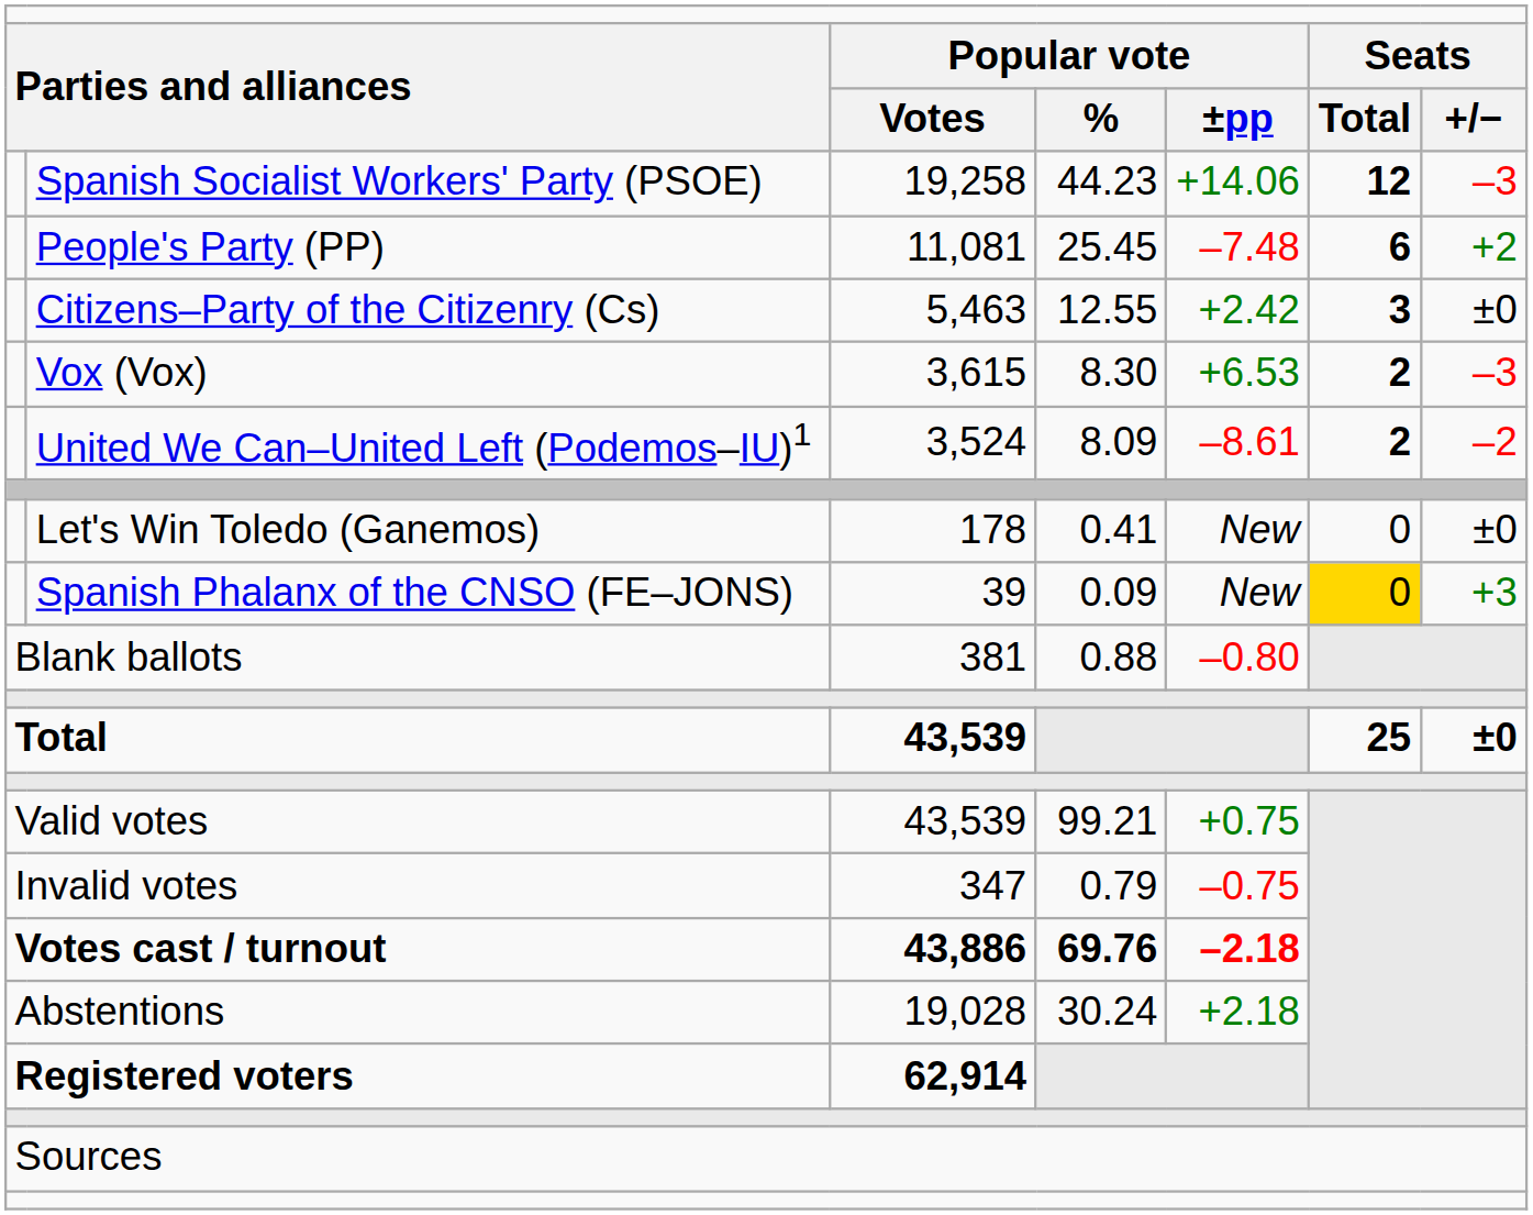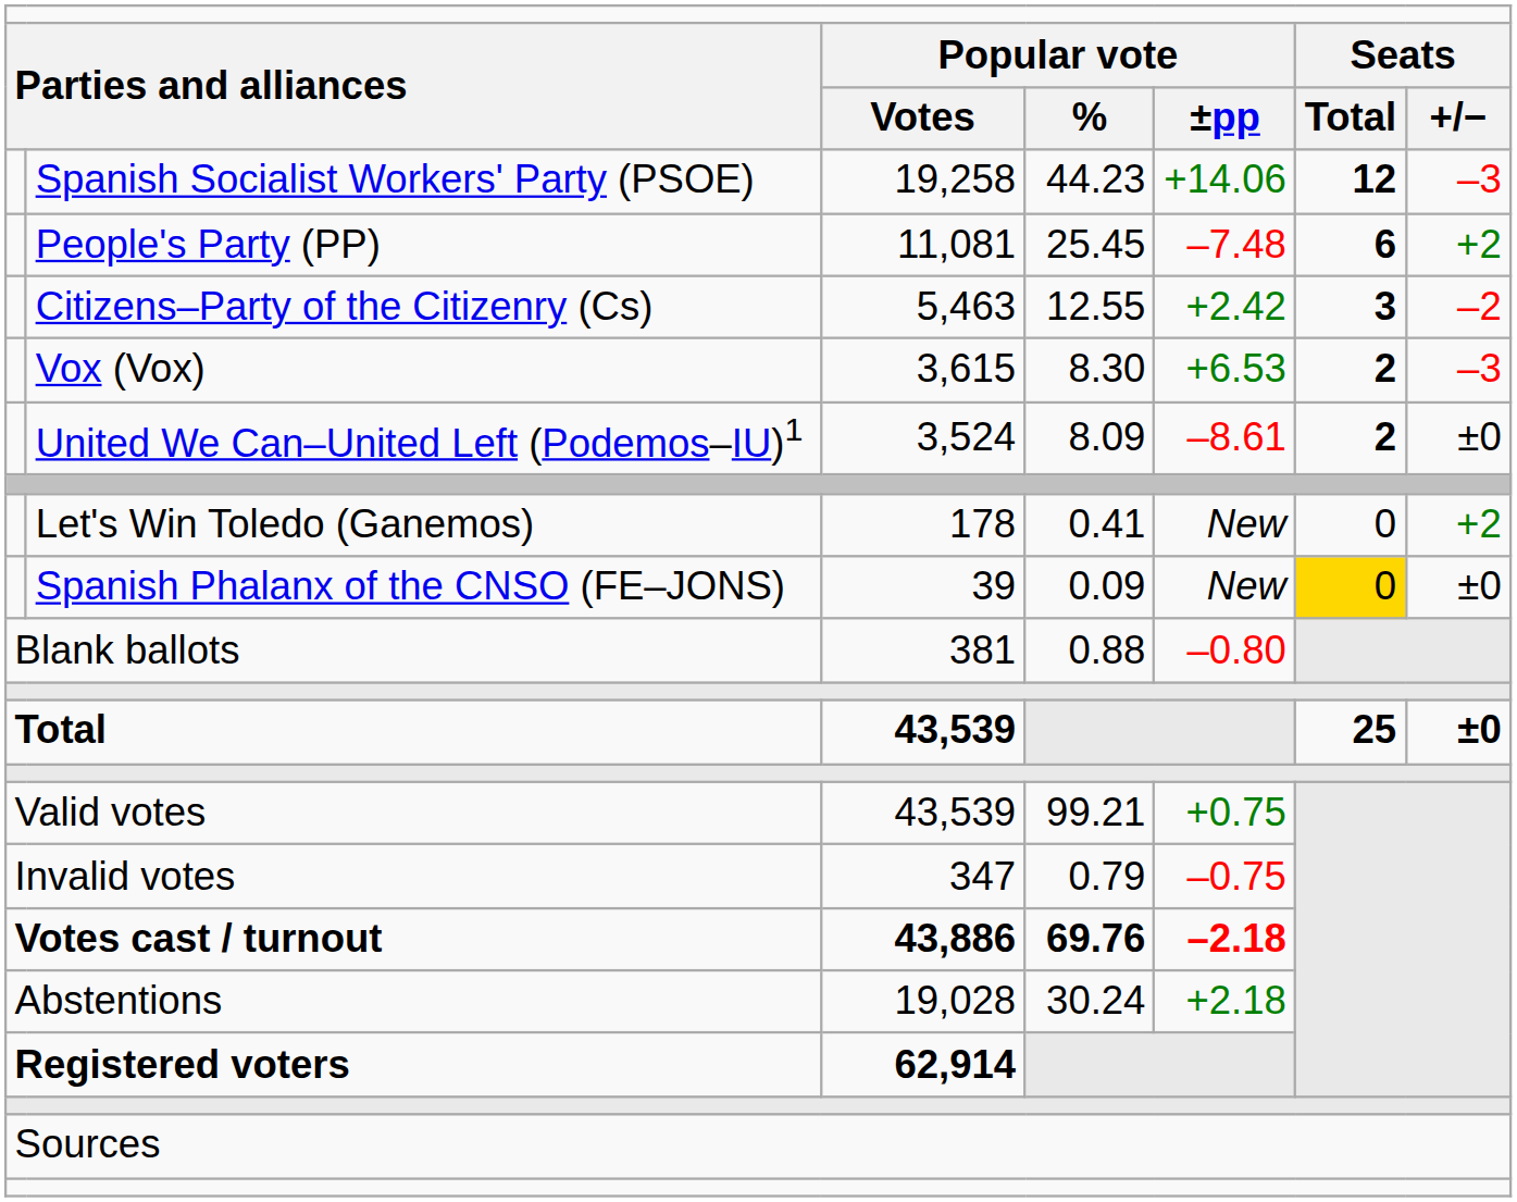 <table class="wikitable" style="text-align:right;">
 <tr>
 <td colspan="7"></td>
 </tr>
 <tr>
 <th style="text-align:left;" rowspan="2" colspan="2" width="525">Parties and alliances</th>
 <th colspan="3">Popular vote</th>
 <th colspan="2">Seats</th>
 </tr>
 <tr>
 <th width="75">Votes</th>
 <th width="45">%</th>
 <th width="45">±<a href='#'>pp</a></th>
 <th width="35">Total</th>
 <th width="35">+/−</th>
 </tr>
 <tr>
 <td width="1" style="color:inherit;background:"></td>
 <td align="left"><a href='#'>Spanish Socialist Workers' Party</a> (PSOE)</td>
 <td>19,258</td>
 <td>44.23</td>
 <td style="color:green;">+14.06</td>
 <td><strong>12</strong></td>
 <td style="color:red;">–3</td>
 </tr>
 <tr>
 <td style="color:inherit;background:"></td>
 <td align="left"><a href='#'>People's Party</a> (PP)</td>
 <td>11,081</td>
 <td>25.45</td>
 <td style="color:red;">–7.48</td>
 <td><strong>6</strong></td>
 <td style="color:green;">+2</td>
 </tr>
 <tr>
 <td style="color:inherit;background:"></td>
 <td align="left"><a href='#'>Citizens–Party of the Citizenry</a> (Cs)</td>
 <td>5,463</td>
 <td>12.55</td>
 <td style="color:green;">+2.42</td>
 <td><strong>3</strong></td>
-<td>±0</td>
+<td style="color:red;">–2</td>
 </tr>
 <tr>
 <td style="color:inherit;background:"></td>
 <td align="left"><a href='#'>Vox</a> (Vox)</td>
 <td>3,615</td>
 <td>8.30</td>
 <td style="color:green;">+6.53</td>
 <td><strong>2</strong></td>
 <td style="color:red;">–3</td>
 </tr>
 <tr>
 <td style="color:inherit;background:"></td>
 <td align="left"><a href='#'>United We Can–United Left</a> (<a href='#'>Podemos</a>–<a href='#'>IU</a>)<sup>1</sup></td>
 <td>3,524</td>
 <td>8.09</td>
 <td style="color:red;">–8.61</td>
 <td><strong>2</strong></td>
-<td style="color:red;">–2</td>
+<td>±0</td>
 </tr>
 <tr>
 <td colspan="7" bgcolor="#C0C0C0"></td>
 </tr>
 <tr>
 <td style="color:inherit;background:"></td>
 <td align="left">Let's Win Toledo (Ganemos)</td>
 <td>178</td>
 <td>0.41</td>
 <td><em>New</em></td>
 <td>0</td>
-<td>±0</td>
+<td style="color:green;">+2</td>
 </tr>
 <tr>
 <td style="color:inherit;background:"></td>
 <td align="left"><a href='#'>Spanish Phalanx of the CNSO</a> (FE–JONS)</td>
 <td>39</td>
 <td>0.09</td>
 <td><em>New</em></td>
 <td style="background: gold;">0</td>
-<td style="color:green;">+3</td>
+<td>±0</td>
 </tr>
 <tr>
 <td align="left" colspan="2">Blank ballots</td>
 <td>381</td>
 <td>0.88</td>
 <td style="color:red;">–0.80</td>
 <td bgcolor="#E9E9E9" colspan="2"></td>
 </tr>
 <tr>
 <td colspan="7" bgcolor="#E9E9E9"></td>
 </tr>
 <tr style="font-weight:bold;">
 <td align="left" colspan="2">Total</td>
 <td>43,539</td>
 <td bgcolor="#E9E9E9" colspan="2"></td>
 <td>25</td>
 <td>±0</td>
 </tr>
 <tr>
 <td colspan="7" bgcolor="#E9E9E9"></td>
 </tr>
 <tr>
 <td align="left" colspan="2">Valid votes</td>
 <td>43,539</td>
 <td>99.21</td>
 <td style="color:green;">+0.75</td>
 <td bgcolor="#E9E9E9" colspan="2" rowspan="5"></td>
 </tr>
 <tr>
 <td align="left" colspan="2">Invalid votes</td>
 <td>347</td>
 <td>0.79</td>
 <td style="color:red;">–0.75</td>
 </tr>
 <tr style="font-weight:bold;">
 <td align="left" colspan="2">Votes cast / turnout</td>
 <td>43,886</td>
 <td>69.76</td>
 <td style="color:red;">–2.18</td>
 </tr>
 <tr>
 <td align="left" colspan="2">Abstentions</td>
 <td>19,028</td>
 <td>30.24</td>
 <td style="color:green;">+2.18</td>
 </tr>
 <tr style="font-weight:bold;">
 <td align="left" colspan="2">Registered voters</td>
 <td>62,914</td>
 <td bgcolor="#E9E9E9" colspan="2"></td>
 </tr>
 <tr>
 <td colspan="7" bgcolor="#E9E9E9"></td>
 </tr>
 <tr>
 <td align="left" colspan="7">Sources</td>
 </tr>
 <tr>
 <td colspan="7" style="text-align:left; max-width:790px;"></td>
 </tr>
 </table>
